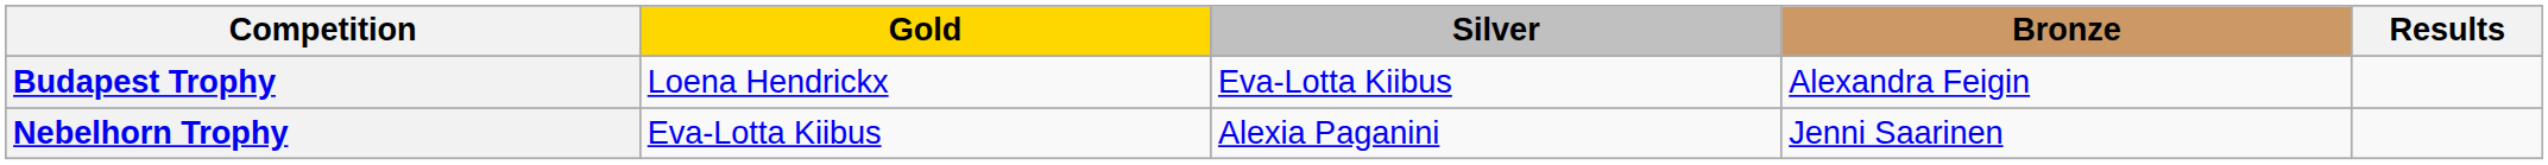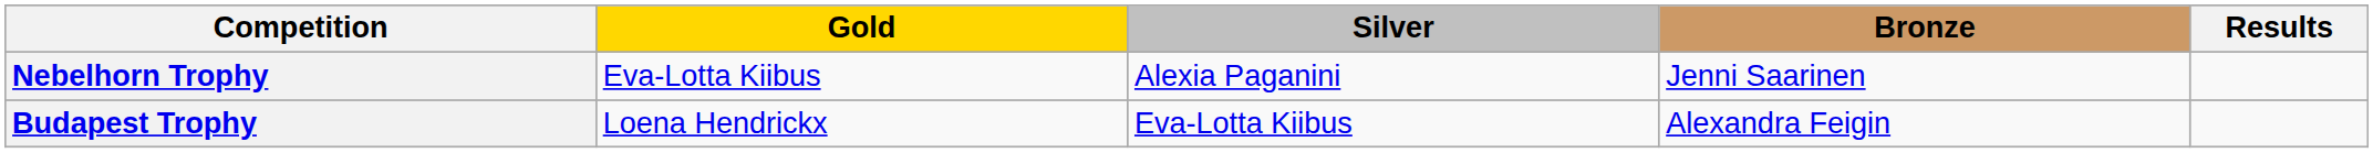 <table class="wikitable unsortable" style="text-align:left; width:100%">
 <tr>
 <th scope="col" style="text-align:center; width:25%;">Competition</th>
 <td scope="col" style="text-align:center; width:22.5%; background:gold"><strong>Gold</strong></td>
 <td scope="col" style="text-align:center; width:22.5%; background:silver"><strong>Silver</strong></td>
 <td scope="col" style="text-align:center; width:22.5%; background:#c96"><strong>Bronze</strong></td>
 <th scope="col" style="text-align:center; width:7.5%;">Results</th>
 </tr>
 <tr>
+<th scope="row" style="text-align:left"> <a href='#'>Nebelhorn Trophy</a></th>
+<td> <a href='#'>Eva-Lotta Kiibus</a></td>
+<td> <a href='#'>Alexia Paganini</a></td>
+<td> <a href='#'>Jenni Saarinen</a></td>
+<td></td>
+</tr>
+<tr>
 <th scope="row" style="text-align:left"> <a href='#'>Budapest Trophy</a></th>
 <td> <a href='#'>Loena Hendrickx</a></td>
 <td> <a href='#'>Eva-Lotta Kiibus</a></td>
 <td> <a href='#'>Alexandra Feigin</a></td>
 <td></td>
 </tr>
-<tr>
-<th scope="row" style="text-align:left"> <a href='#'>Nebelhorn Trophy</a></th>
-<td> <a href='#'>Eva-Lotta Kiibus</a></td>
-<td> <a href='#'>Alexia Paganini</a></td>
-<td> <a href='#'>Jenni Saarinen</a></td>
-<td></td>
-</tr>
 </table>
